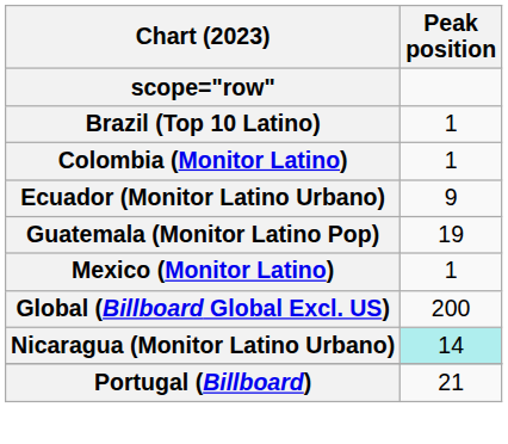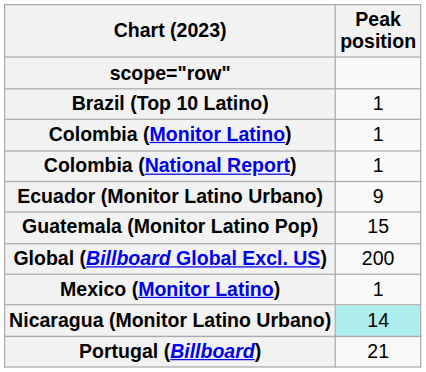 <table class="wikitable sortable plainrowheaders">
 <tr>
 <th>Chart (2023)</th>
 <th>Peak<br>position</th>
 </tr>
 <tr>
 <th>scope="row"</th>
 </tr>
 <tr>
 <th scope="row">Brazil (Top 10 Latino)</th>
 <td align="center">1</td>
 </tr>
 <tr>
 <th scope="row">Colombia (<a href='#'>Monitor Latino</a>)</th>
 <td align="center">1</td>
 </tr>
 <tr>
+<th scope="row">Colombia (<a href='#'>National Report</a>)</th>
+<td align="center">1</td>
+</tr>
+<tr>
 <th scope="row">Ecuador (Monitor Latino Urbano)</th>
 <td align="center">9</td>
 </tr>
 <tr>
 <th scope="row">Guatemala (Monitor Latino Pop)</th>
-<td align="center">19</td>
+<td align="center">15</td>
+</tr>
+<tr>
+<th scope="row">Global (<a href='#'><em>Billboard</em> Global Excl. US</a>)</th>
+<td align="center">200</td>
 </tr>
 <tr>
 <th scope="row">Mexico (<a href='#'>Monitor Latino</a>)</th>
 <td align="center">1</td>
-</tr>
-<tr>
-<th scope="row">Global (<a href='#'><em>Billboard</em> Global Excl. US</a>)</th>
-<td align="center">200</td>
 </tr>
 <tr>
 <th scope="row">Nicaragua (Monitor Latino Urbano)</th>
 <td align="center" style="background: paleturquoise;">14</td>
 </tr>
 <tr>
 </tr>
 <tr>
 <th scope="row">Portugal (<a href='#'><em>Billboard</em></a>)</th>
 <td align="center">21</td>
 </tr>
 </table>
